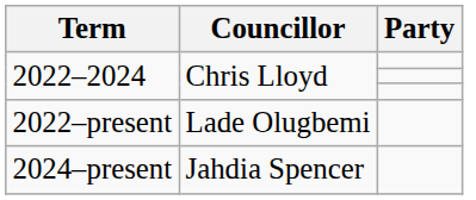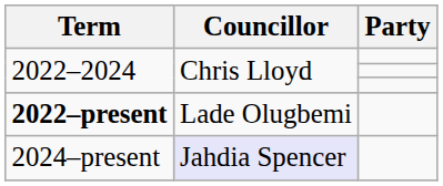 <table class="wikitable">
 <tr>
 <th>Term</th>
 <th>Councillor</th>
 <th colspan=2>Party</th>
 </tr>
 <tr>
 <td rowspan=3>2022–2024</td>
 <td rowspan=3>Chris Lloyd</td>
 <td></td>
 </tr>
 <tr>
 <td></td>
 </tr>
 <tr>
 <td></td>
 </tr>
 <tr>
-<td>2022–present</td>
+<td><strong>2022–present</strong></td>
 <td>Lade Olugbemi</td>
 <td></td>
 </tr>
 <tr>
 <td>2024–present</td>
-<td>Jahdia Spencer</td>
+<td style="background: lavender;">Jahdia Spencer</td>
 <td></td>
 </tr>
 </table>
